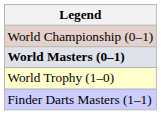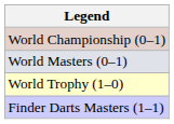 <table class="wikitable">
 <tr>
 <th>Legend</th>
 </tr>
 <tr style="background:#e5d1cb;">
 <td>World Championship (0–1)</td>
 </tr>
 <tr style="background:#dfe2e9;">
-<td><strong>World Masters (0–1)</strong></td>
+<td>World Masters (0–1)</td>
 </tr>
 <tr style="background:#ffc;">
 <td>World Trophy (1–0)</td>
 </tr>
 <tr style="background:#ccf;">
 <td>Finder Darts Masters (1–1)</td>
 </tr>
 </table>
